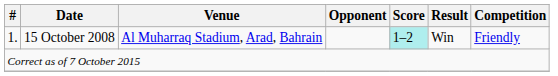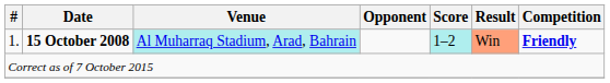 <table class="wikitable" style="font-size:95%;">
 <tr>
 <th>#</th>
 <th>Date</th>
 <th>Venue</th>
 <th>Opponent</th>
 <th>Score</th>
 <th>Result</th>
 <th>Competition</th>
 </tr>
 <tr>
 <td>1.</td>
-<td>15 October 2008</td>
-<td><a href='#'>Al Muharraq Stadium</a>, <a href='#'>Arad</a>, <a href='#'>Bahrain</a></td>
+<td><strong>15 October 2008</strong></td>
+<td style="background: paleturquoise;"><a href='#'>Al Muharraq Stadium</a>, <a href='#'>Arad</a>, <a href='#'>Bahrain</a></td>
 <td></td>
 <td style="background: paleturquoise;">1–2</td>
-<td>Win</td>
-<td><a href='#'>Friendly</a></td>
+<td style="background: lightsalmon;">Win</td>
+<td><strong><a href='#'>Friendly</a></strong></td>
 </tr>
 <tr>
 <td colspan="15"><small><em>Correct as of 7 October 2015</em></small></td>
 </tr>
 <tr>
 </tr>
 </table>
